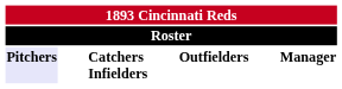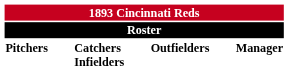 <table class="toccolours" style="font-size: 95%;">
 <tr>
 <th colspan="10" style="background-color: #c6011f; color: white; text-align: center;">1893 Cincinnati Reds</th>
 </tr>
 <tr>
 <td colspan="10" style="background-color: black; color: white; text-align: center;"><strong>Roster</strong></td>
 </tr>
 <tr>
-<td valign="top" style="background: lavender;"><strong>Pitchers</strong><br>        </td>
+<td valign="top"><strong>Pitchers</strong><br>        </td>
 <td width="25px"></td>
 <td valign="top"><strong>Catchers</strong><br>   <strong>Infielders</strong>     </td>
 <td width="25px"></td>
 <td valign="top"><strong>Outfielders</strong><br>        </td>
 <td width="25px"></td>
 <td valign="top"><strong>Manager</strong><br></td>
 </tr>
 </table>
